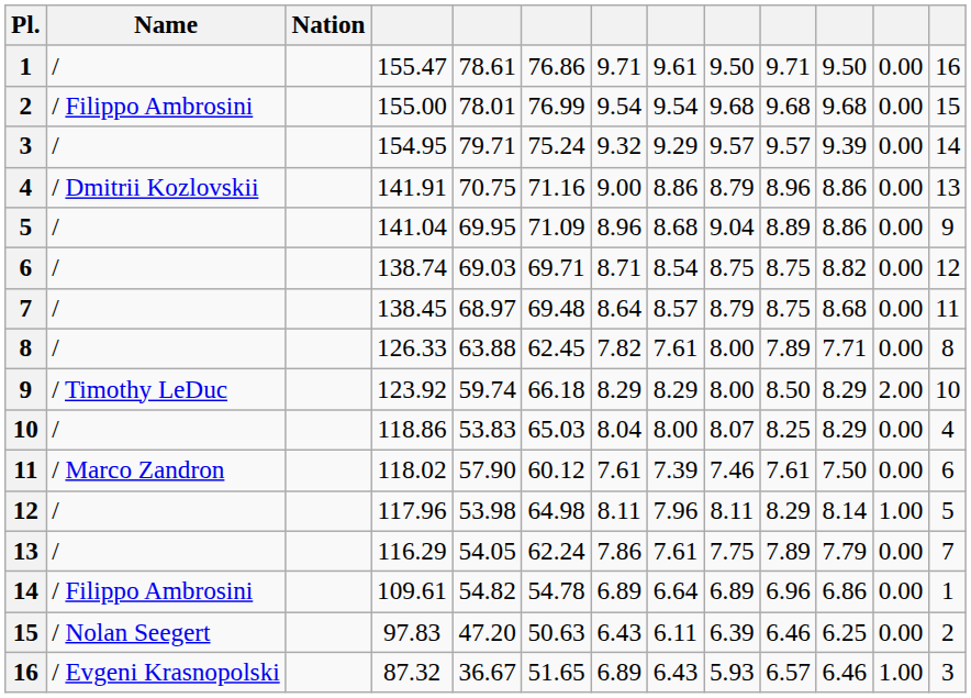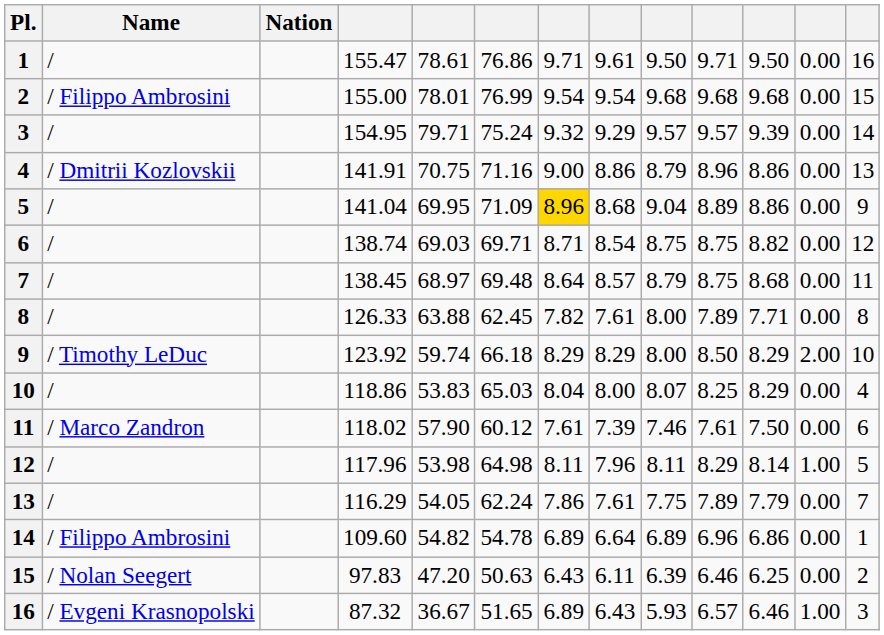 <table class="wikitable sortable" style="text-align:center">
 <tr>
 <th>Pl.</th>
 <th>Name</th>
 <th>Nation</th>
 <th></th>
 <th></th>
 <th></th>
 <th></th>
 <th></th>
 <th></th>
 <th></th>
 <th></th>
 <th></th>
 <th></th>
 </tr>
 <tr>
 <th>1</th>
 <td align="left"> / </td>
 <td align="left"></td>
 <td>155.47</td>
 <td>78.61</td>
 <td>76.86</td>
 <td>9.71</td>
 <td>9.61</td>
 <td>9.50</td>
 <td>9.71</td>
 <td>9.50</td>
 <td>0.00</td>
 <td>16</td>
 </tr>
 <tr>
 <th>2</th>
 <td align="left"> / <a href='#'>Filippo Ambrosini</a></td>
 <td align="left"></td>
 <td>155.00</td>
 <td>78.01</td>
 <td>76.99</td>
 <td>9.54</td>
 <td>9.54</td>
 <td>9.68</td>
 <td>9.68</td>
 <td>9.68</td>
 <td>0.00</td>
 <td>15</td>
 </tr>
 <tr>
 <th>3</th>
 <td align="left"> / </td>
 <td align="left"></td>
 <td>154.95</td>
 <td>79.71</td>
 <td>75.24</td>
 <td>9.32</td>
 <td>9.29</td>
 <td>9.57</td>
 <td>9.57</td>
 <td>9.39</td>
 <td>0.00</td>
 <td>14</td>
 </tr>
 <tr>
 <th>4</th>
 <td align="left"> / <a href='#'>Dmitrii Kozlovskii</a></td>
 <td align="left"></td>
 <td>141.91</td>
 <td>70.75</td>
 <td>71.16</td>
 <td>9.00</td>
 <td>8.86</td>
 <td>8.79</td>
 <td>8.96</td>
 <td>8.86</td>
 <td>0.00</td>
 <td>13</td>
 </tr>
 <tr>
 <th>5</th>
 <td align="left"> / </td>
 <td align="left"></td>
 <td>141.04</td>
 <td>69.95</td>
 <td>71.09</td>
-<td>8.96</td>
+<td style="background: gold;">8.96</td>
 <td>8.68</td>
 <td>9.04</td>
 <td>8.89</td>
 <td>8.86</td>
 <td>0.00</td>
 <td>9</td>
 </tr>
 <tr>
 <th>6</th>
 <td align="left"> / </td>
 <td align="left"></td>
 <td>138.74</td>
 <td>69.03</td>
 <td>69.71</td>
 <td>8.71</td>
 <td>8.54</td>
 <td>8.75</td>
 <td>8.75</td>
 <td>8.82</td>
 <td>0.00</td>
 <td>12</td>
 </tr>
 <tr>
 <th>7</th>
 <td align="left"> / </td>
 <td align="left"></td>
 <td>138.45</td>
 <td>68.97</td>
 <td>69.48</td>
 <td>8.64</td>
 <td>8.57</td>
 <td>8.79</td>
 <td>8.75</td>
 <td>8.68</td>
 <td>0.00</td>
 <td>11</td>
 </tr>
 <tr>
 <th>8</th>
 <td align="left"> / </td>
 <td align="left"></td>
 <td>126.33</td>
 <td>63.88</td>
 <td>62.45</td>
 <td>7.82</td>
 <td>7.61</td>
 <td>8.00</td>
 <td>7.89</td>
 <td>7.71</td>
 <td>0.00</td>
 <td>8</td>
 </tr>
 <tr>
 <th>9</th>
 <td align="left"> / <a href='#'>Timothy LeDuc</a></td>
 <td align="left"></td>
 <td>123.92</td>
 <td>59.74</td>
 <td>66.18</td>
 <td>8.29</td>
 <td>8.29</td>
 <td>8.00</td>
 <td>8.50</td>
 <td>8.29</td>
 <td>2.00</td>
 <td>10</td>
 </tr>
 <tr>
 <th>10</th>
 <td align="left"> / </td>
 <td align="left"></td>
 <td>118.86</td>
 <td>53.83</td>
 <td>65.03</td>
 <td>8.04</td>
 <td>8.00</td>
 <td>8.07</td>
 <td>8.25</td>
 <td>8.29</td>
 <td>0.00</td>
 <td>4</td>
 </tr>
 <tr>
 <th>11</th>
 <td align="left"> / <a href='#'>Marco Zandron</a></td>
 <td align="left"></td>
 <td>118.02</td>
 <td>57.90</td>
 <td>60.12</td>
 <td>7.61</td>
 <td>7.39</td>
 <td>7.46</td>
 <td>7.61</td>
 <td>7.50</td>
 <td>0.00</td>
 <td>6</td>
 </tr>
 <tr>
 <th>12</th>
 <td align="left"> / </td>
 <td align="left"></td>
 <td>117.96</td>
 <td>53.98</td>
 <td>64.98</td>
 <td>8.11</td>
 <td>7.96</td>
 <td>8.11</td>
 <td>8.29</td>
 <td>8.14</td>
 <td>1.00</td>
 <td>5</td>
 </tr>
 <tr>
 <th>13</th>
 <td align="left"> / </td>
 <td align="left"></td>
 <td>116.29</td>
 <td>54.05</td>
 <td>62.24</td>
 <td>7.86</td>
 <td>7.61</td>
 <td>7.75</td>
 <td>7.89</td>
 <td>7.79</td>
 <td>0.00</td>
 <td>7</td>
 </tr>
 <tr>
 <th>14</th>
 <td align="left"> / <a href='#'>Filippo Ambrosini</a></td>
 <td align="left"></td>
-<td>109.61</td>
+<td>109.60</td>
 <td>54.82</td>
 <td>54.78</td>
 <td>6.89</td>
 <td>6.64</td>
 <td>6.89</td>
 <td>6.96</td>
 <td>6.86</td>
 <td>0.00</td>
 <td>1</td>
 </tr>
 <tr>
 <th>15</th>
 <td align="left"> / <a href='#'>Nolan Seegert</a></td>
 <td align="left"></td>
 <td>97.83</td>
 <td>47.20</td>
 <td>50.63</td>
 <td>6.43</td>
 <td>6.11</td>
 <td>6.39</td>
 <td>6.46</td>
 <td>6.25</td>
 <td>0.00</td>
 <td>2</td>
 </tr>
 <tr>
 <th>16</th>
 <td align="left"> / <a href='#'>Evgeni Krasnopolski</a></td>
 <td align="left"></td>
 <td>87.32</td>
 <td>36.67</td>
 <td>51.65</td>
 <td>6.89</td>
 <td>6.43</td>
 <td>5.93</td>
 <td>6.57</td>
 <td>6.46</td>
 <td>1.00</td>
 <td>3</td>
 </tr>
 </table>
